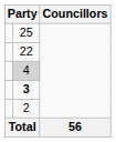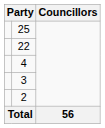 <table class="wikitable">
 <tr>
 <th colspan=2>Party</th>
 <th>Councillors</th>
 </tr>
 <tr>
 <td></td>
 <td align=center>25</td>
 </tr>
 <tr>
 <td></td>
 <td align=center>22</td>
 </tr>
 <tr>
 <td></td>
-<td align=center style="background: lightgrey;">4</td>
+<td align=center>4</td>
 </tr>
 <tr>
 <td></td>
-<td align=center><strong>3</strong></td>
+<td align=center>3</td>
 </tr>
 <tr>
 <td></td>
 <td align=center>2</td>
 </tr>
 <tr>
 <th colspan=2>Total</th>
 <th align=center>56</th>
 </tr>
 </table>
